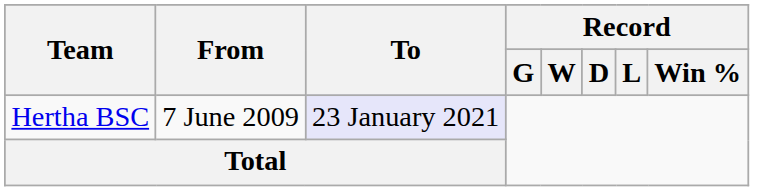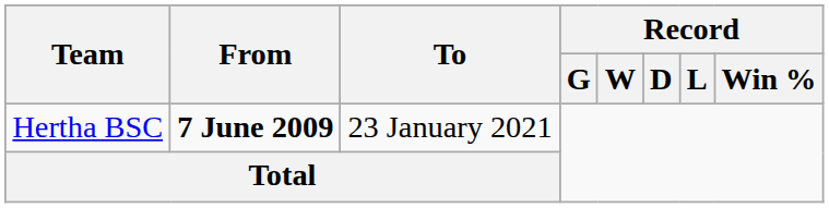 <table class="wikitable" style="text-align: center">
 <tr>
 <th rowspan="2">Team</th>
 <th rowspan="2">From</th>
 <th rowspan="2">To</th>
 <th colspan="5">Record</th>
 </tr>
 <tr>
 <th>G</th>
 <th>W</th>
 <th>D</th>
 <th>L</th>
 <th>Win %</th>
 </tr>
 <tr>
 <td align=left><a href='#'>Hertha BSC</a></td>
-<td align=left>7 June 2009</td>
-<td align=left style="background: lavender;">23 January 2021<br></td>
+<td align=left><strong>7 June 2009</strong></td>
+<td align=left>23 January 2021<br></td>
 </tr>
 <tr>
 <th colspan="3">Total<br></th>
 </tr>
 </table>
